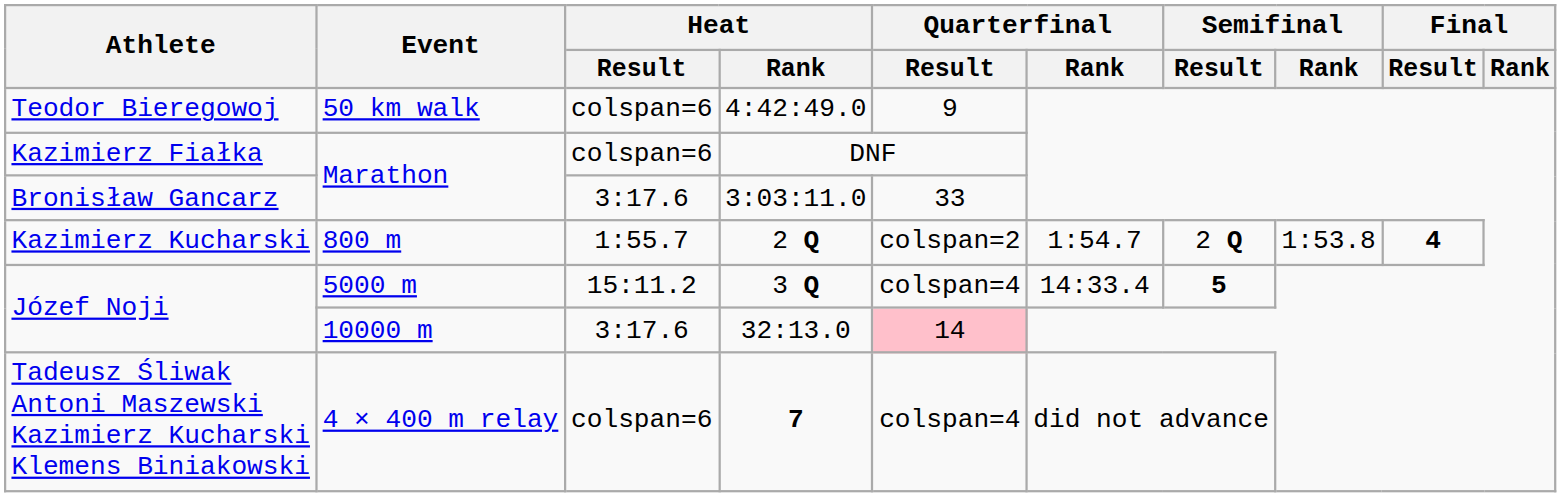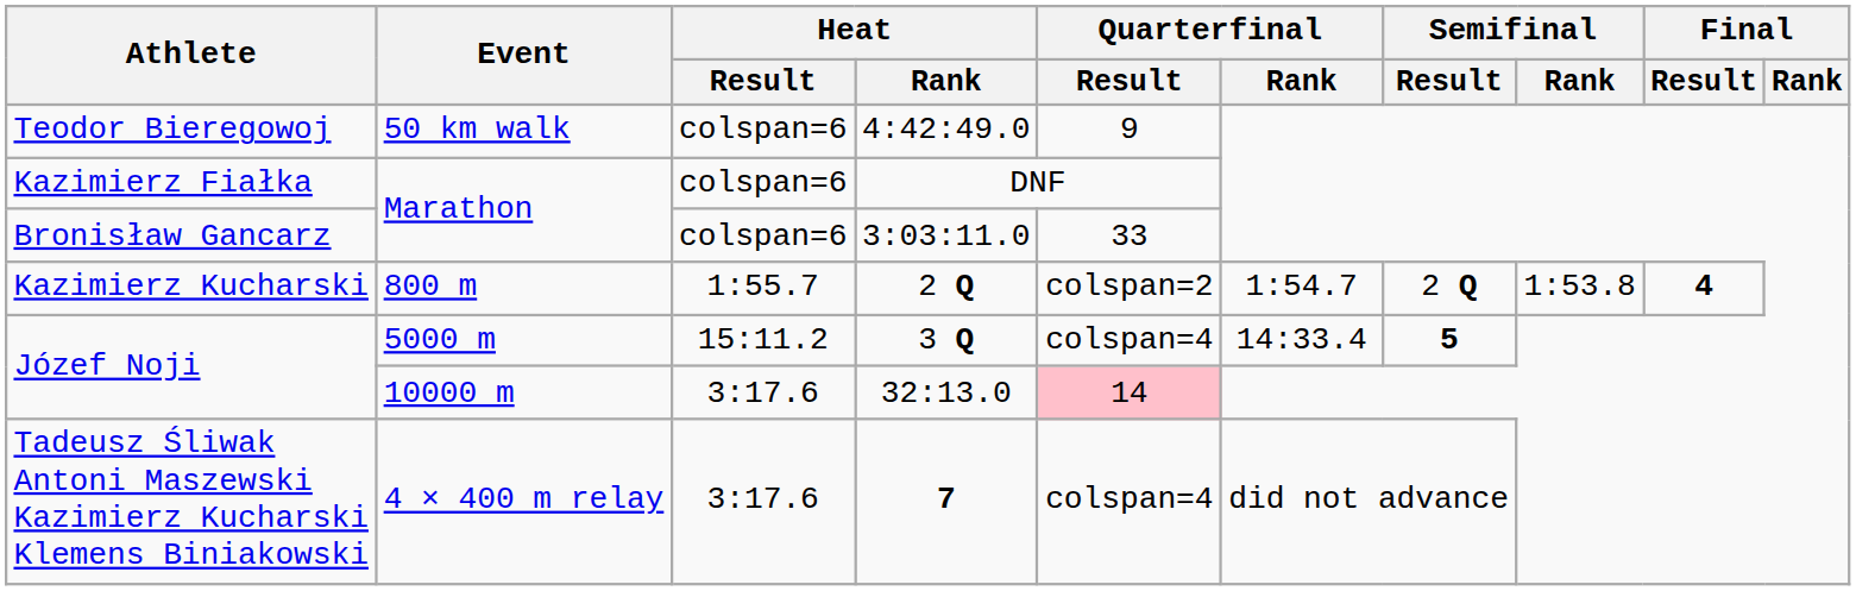 <table class="wikitable" style="font-size:90%">
 <tr>
 <th rowspan="2">Athlete</th>
 <th rowspan="2">Event</th>
 <th colspan="2">Heat</th>
 <th colspan="2">Quarterfinal</th>
 <th colspan="2">Semifinal</th>
 <th colspan="2">Final</th>
 </tr>
 <tr style="font-size:95%">
 <th>Result</th>
 <th>Rank</th>
 <th>Result</th>
 <th>Rank</th>
 <th>Result</th>
 <th>Rank</th>
 <th>Result</th>
 <th>Rank</th>
 </tr>
 <tr align=center>
 <td align=left><a href='#'>Teodor Bieregowoj</a></td>
 <td align=left><a href='#'>50 km walk</a></td>
 <td>colspan=6 </td>
 <td>4:42:49.0</td>
 <td>9</td>
 </tr>
 <tr align=center>
 <td align=left><a href='#'>Kazimierz Fiałka</a></td>
 <td align=left rowspan="2"><a href='#'>Marathon</a></td>
 <td>colspan=6 </td>
 <td colspan=2>DNF</td>
 </tr>
 <tr align=center>
 <td align=left><a href='#'>Bronisław Gancarz</a></td>
-<td>3:17.6</td>
+<td>colspan=6 </td>
 <td>3:03:11.0</td>
 <td>33</td>
 </tr>
 <tr align=center>
 <td align=left><a href='#'>Kazimierz Kucharski</a></td>
 <td align=left><a href='#'>800 m</a></td>
 <td>1:55.7</td>
 <td>2 <strong>Q</strong></td>
 <td>colspan=2 </td>
 <td>1:54.7</td>
 <td>2 <strong>Q</strong></td>
 <td>1:53.8</td>
 <td><strong>4</strong></td>
 </tr>
 <tr align=center>
 <td align=left rowspan="2"><a href='#'>Józef Noji</a></td>
 <td align=left><a href='#'>5000 m</a></td>
 <td>15:11.2</td>
 <td>3 <strong>Q</strong></td>
 <td>colspan=4 </td>
 <td>14:33.4</td>
 <td><strong>5</strong></td>
 </tr>
 <tr align=center>
 <td align=left><a href='#'>10000 m</a></td>
 <td>3:17.6</td>
 <td>32:13.0</td>
 <td style="background: pink;">14</td>
 </tr>
 <tr align=center>
 <td align=left><a href='#'>Tadeusz Śliwak</a><br><a href='#'>Antoni Maszewski</a><br><a href='#'>Kazimierz Kucharski</a><br><a href='#'>Klemens Biniakowski</a></td>
 <td align=left><a href='#'>4 × 400 m relay</a></td>
-<td>colspan=6 </td>
+<td>3:17.6</td>
 <td><strong>7</strong></td>
 <td>colspan=4 </td>
 <td colspan=2>did not advance</td>
 </tr>
 </table>
